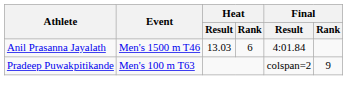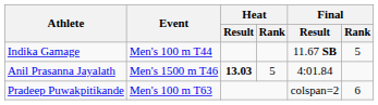 <table class="wikitable" style="font-size:90%">
 <tr>
 <th rowspan="2">Athlete</th>
 <th rowspan="2">Event</th>
 <th colspan="2">Heat</th>
 <th colspan="2">Final</th>
 </tr>
 <tr style="font-size:95%">
 <th>Result</th>
 <th>Rank</th>
 <th>Result</th>
 <th>Rank</th>
 </tr>
 <tr align=center>
+<td align=left><a href='#'>Indika Gamage</a></td>
+<td align=left><a href='#'>Men's 100 m T44</a></td>
+<td></td>
+<td></td>
+<td>11.67 <strong>SB</strong></td>
+<td>5</td>
+</tr>
+<tr align=center>
 <td align=left><a href='#'>Anil Prasanna Jayalath</a></td>
 <td align=left><a href='#'>Men's 1500 m T46</a></td>
-<td>13.03</td>
-<td>6</td>
+<td><strong>13.03</strong></td>
+<td>5</td>
 <td>4:01.84</td>
 </tr>
 <tr align=center>
 <td align=left><a href='#'>Pradeep Puwakpitikande</a></td>
 <td align=left><a href='#'>Men's 100 m T63</a></td>
 <td colspan="2"></td>
 <td>colspan=2 </td>
-<td>9</td>
+<td>6</td>
 </tr>
 </table>
